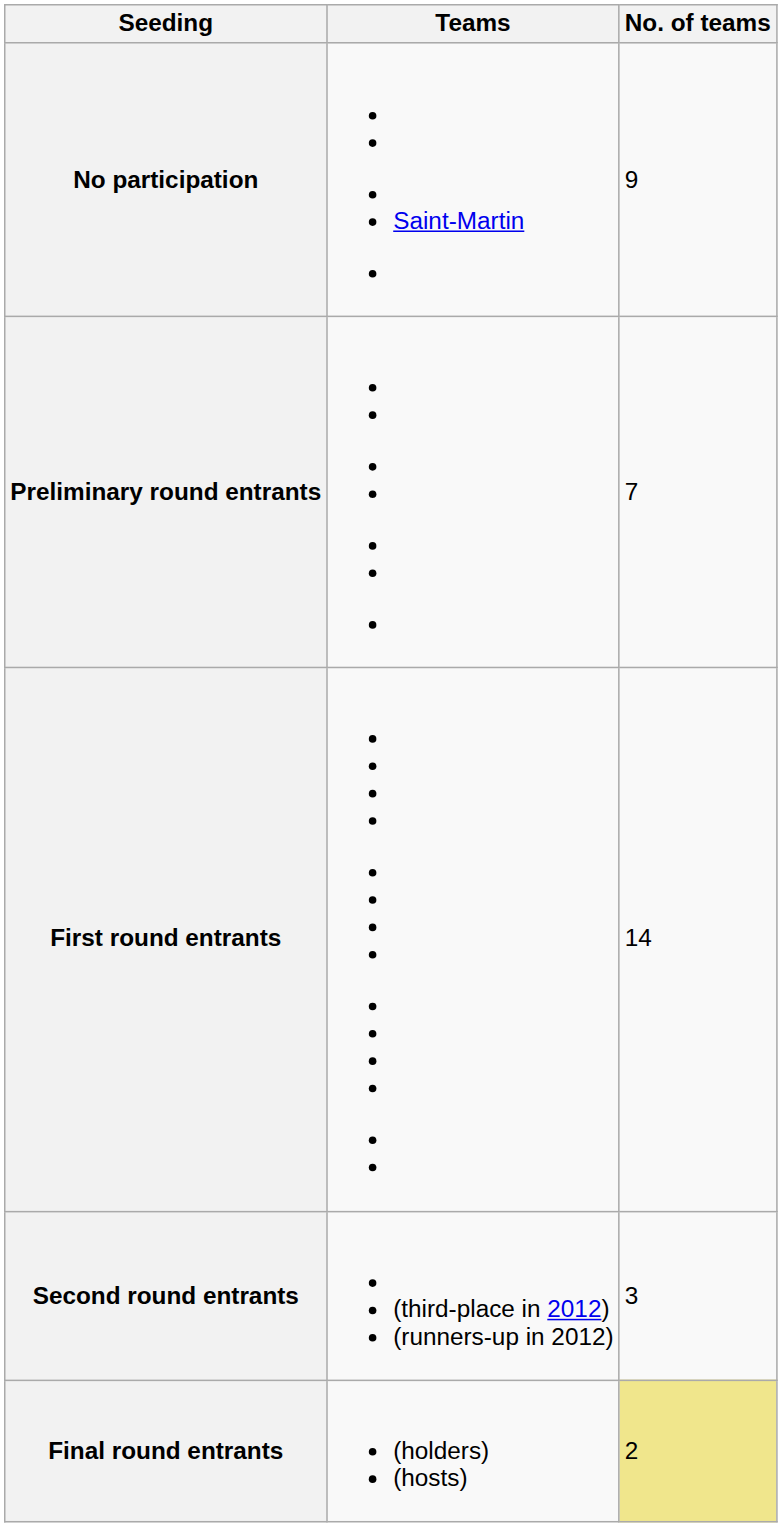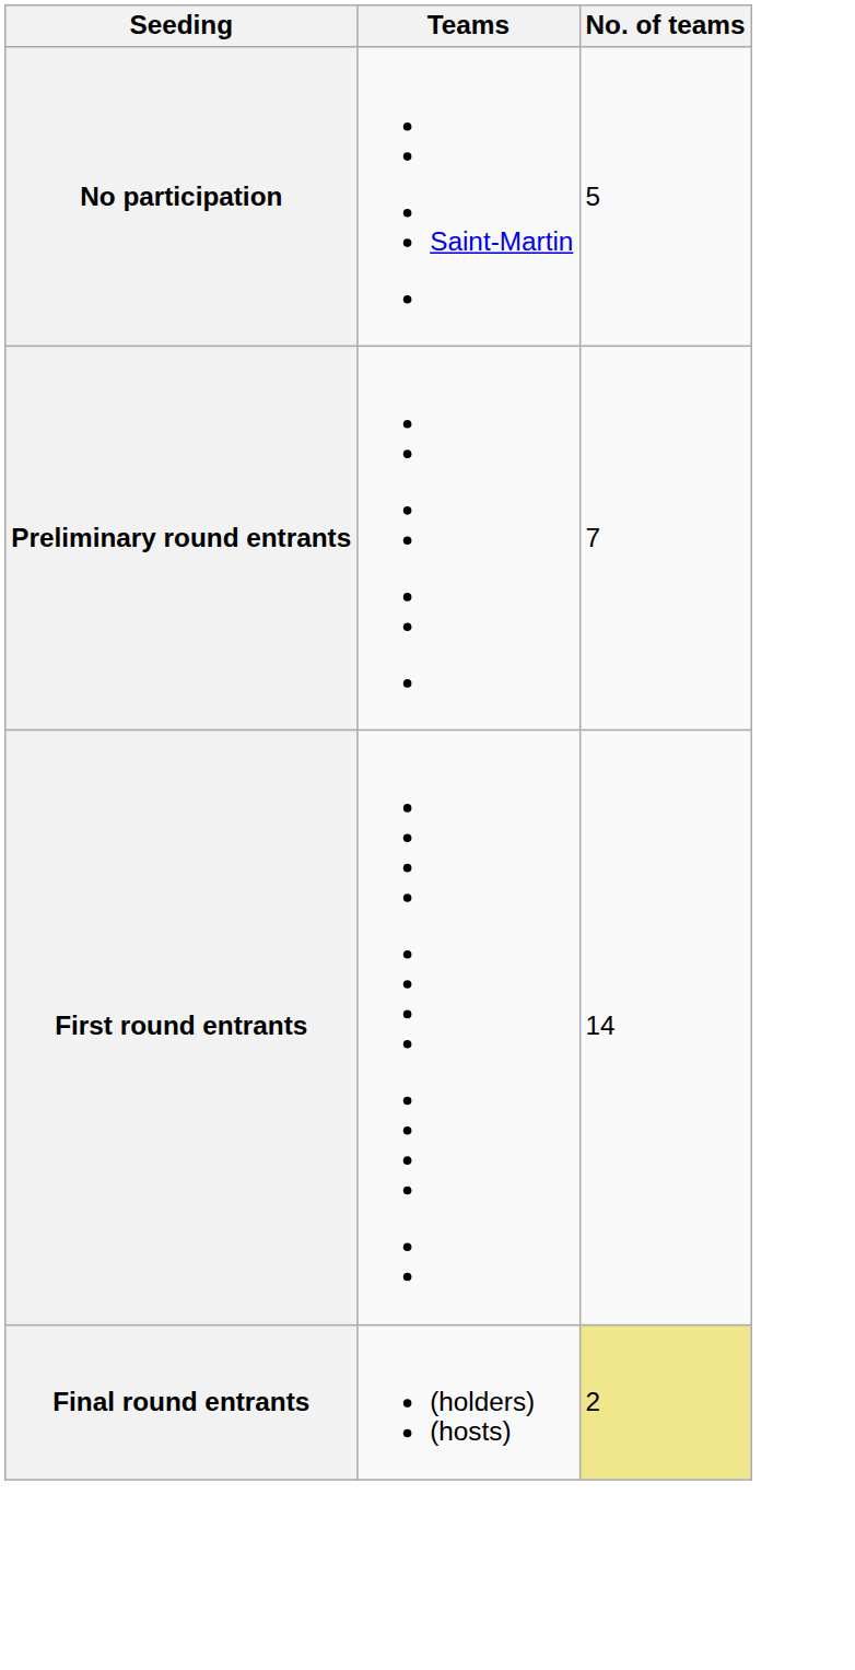 <table class="wikitable">
 <tr>
 <th>Seeding</th>
 <th>Teams</th>
 <th>No. of teams</th>
 </tr>
 <tr>
 <th>No participation</th>
 <td><br> <ul><li></li><li></li></ul><ul><li></li><li> <a href='#'>Saint-Martin</a></li></ul><ul><li></li></ul> </td>
-<td>9</td>
+<td>5</td>
 </tr>
 <tr>
 <th>Preliminary round entrants</th>
 <td><br> <ul><li></li><li></li></ul><ul><li></li><li></li></ul><ul><li></li><li></li></ul><ul><li></li></ul></td>
 <td>7</td>
 </tr>
 <tr>
 <th>First round entrants</th>
 <td><br> <ul><li></li><li></li><li></li><li></li></ul><ul><li></li><li></li><li></li><li></li></ul><ul><li></li><li></li><li></li><li></li></ul><ul><li></li><li></li></ul></td>
 <td>14</td>
 </tr>
 <tr>
-<th>Second round entrants</th>
-<td><br><ul><li></li><li> (third-place in <a href='#'>2012</a>)</li><li> (runners-up in 2012)</li></ul></td>
-<td>3</td>
-</tr>
-<tr>
 <th>Final round entrants</th>
 <td><br><ul><li> (holders)</li><li> (hosts)</li></ul></td>
 <td style="background: khaki;">2</td>
 </tr>
 </table>
